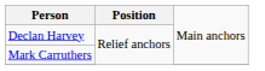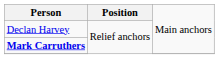 <table class="wikitable">
 <tr>
 <th>Person</th>
 <th>Position</th>
 <td rowspan="3">Main anchors</td>
 </tr>
 <tr>
 <td><a href='#'>Declan Harvey</a></td>
 <td rowspan="10">Relief anchors</td>
 </tr>
 <tr>
-<td><a href='#'>Mark Carruthers</a></td>
+<td><strong><a href='#'>Mark Carruthers</a></strong></td>
 </tr>
 <tr>
 </tr>
 </table>
